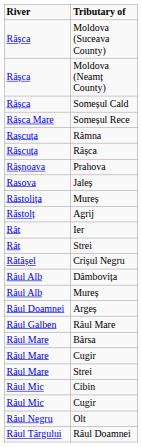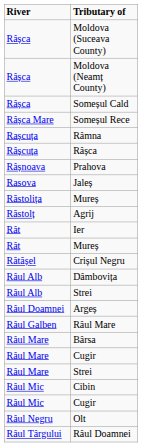 <table class="wikitable">
 <tr>
 <td width="100pt"><strong>River</strong></td>
 <td width="100pt"><strong>Tributary of</strong></td>
 </tr>
 <tr>
 <td><a href='#'>Râșca</a></td>
 <td>Moldova (Suceava County)</td>
 </tr>
 <tr>
 <td><a href='#'>Râșca</a></td>
 <td>Moldova (Neamț County)</td>
 </tr>
 <tr>
 <td><a href='#'>Râșca</a></td>
 <td>Someșul Cald</td>
 </tr>
 <tr>
 <td><a href='#'>Râșca Mare</a></td>
 <td>Someșul Rece</td>
 </tr>
 <tr>
 <td><a href='#'>Rașcuța</a></td>
 <td>Râmna</td>
 </tr>
 <tr>
 <td><a href='#'>Râșcuța</a></td>
 <td>Râșca</td>
 </tr>
 <tr>
 <td><a href='#'>Râșnoava</a></td>
 <td>Prahova</td>
 </tr>
 <tr>
 <td><a href='#'>Rasova</a></td>
 <td>Jaleș</td>
 </tr>
 <tr>
 <td><a href='#'>Răstolița</a></td>
 <td>Mureș</td>
 </tr>
 <tr>
 <td><a href='#'>Răstolț</a></td>
 <td>Agrij</td>
 </tr>
 <tr>
 <td><a href='#'>Rât</a></td>
 <td>Ier</td>
 </tr>
 <tr>
 <td><a href='#'>Rât</a></td>
-<td>Strei</td>
+<td>Mureș</td>
 </tr>
 <tr>
 <td><a href='#'>Rătășel</a></td>
 <td>Crișul Negru</td>
 </tr>
 <tr>
 <td><a href='#'>Râul Alb</a></td>
 <td>Dâmbovița</td>
 </tr>
 <tr>
 <td><a href='#'>Râul Alb</a></td>
-<td>Mureș</td>
+<td>Strei</td>
 </tr>
 <tr>
 <td><a href='#'>Râul Doamnei</a></td>
 <td>Argeș</td>
 </tr>
 <tr>
 <td><a href='#'>Râul Galben</a></td>
 <td>Râul Mare</td>
 </tr>
 <tr>
 <td><a href='#'>Râul Mare</a></td>
 <td>Bârsa</td>
 </tr>
 <tr>
 <td><a href='#'>Râul Mare</a></td>
 <td>Cugir</td>
 </tr>
 <tr>
 <td><a href='#'>Râul Mare</a></td>
 <td>Strei</td>
 </tr>
 <tr>
 <td><a href='#'>Râul Mic</a></td>
 <td>Cibin</td>
 </tr>
 <tr>
 <td><a href='#'>Râul Mic</a></td>
 <td>Cugir</td>
 </tr>
 <tr>
 <td><a href='#'>Râul Negru</a></td>
 <td>Olt</td>
 </tr>
 <tr>
 <td><a href='#'>Râul Târgului</a></td>
 <td>Râul Doamnei</td>
 </tr>
 </table>
